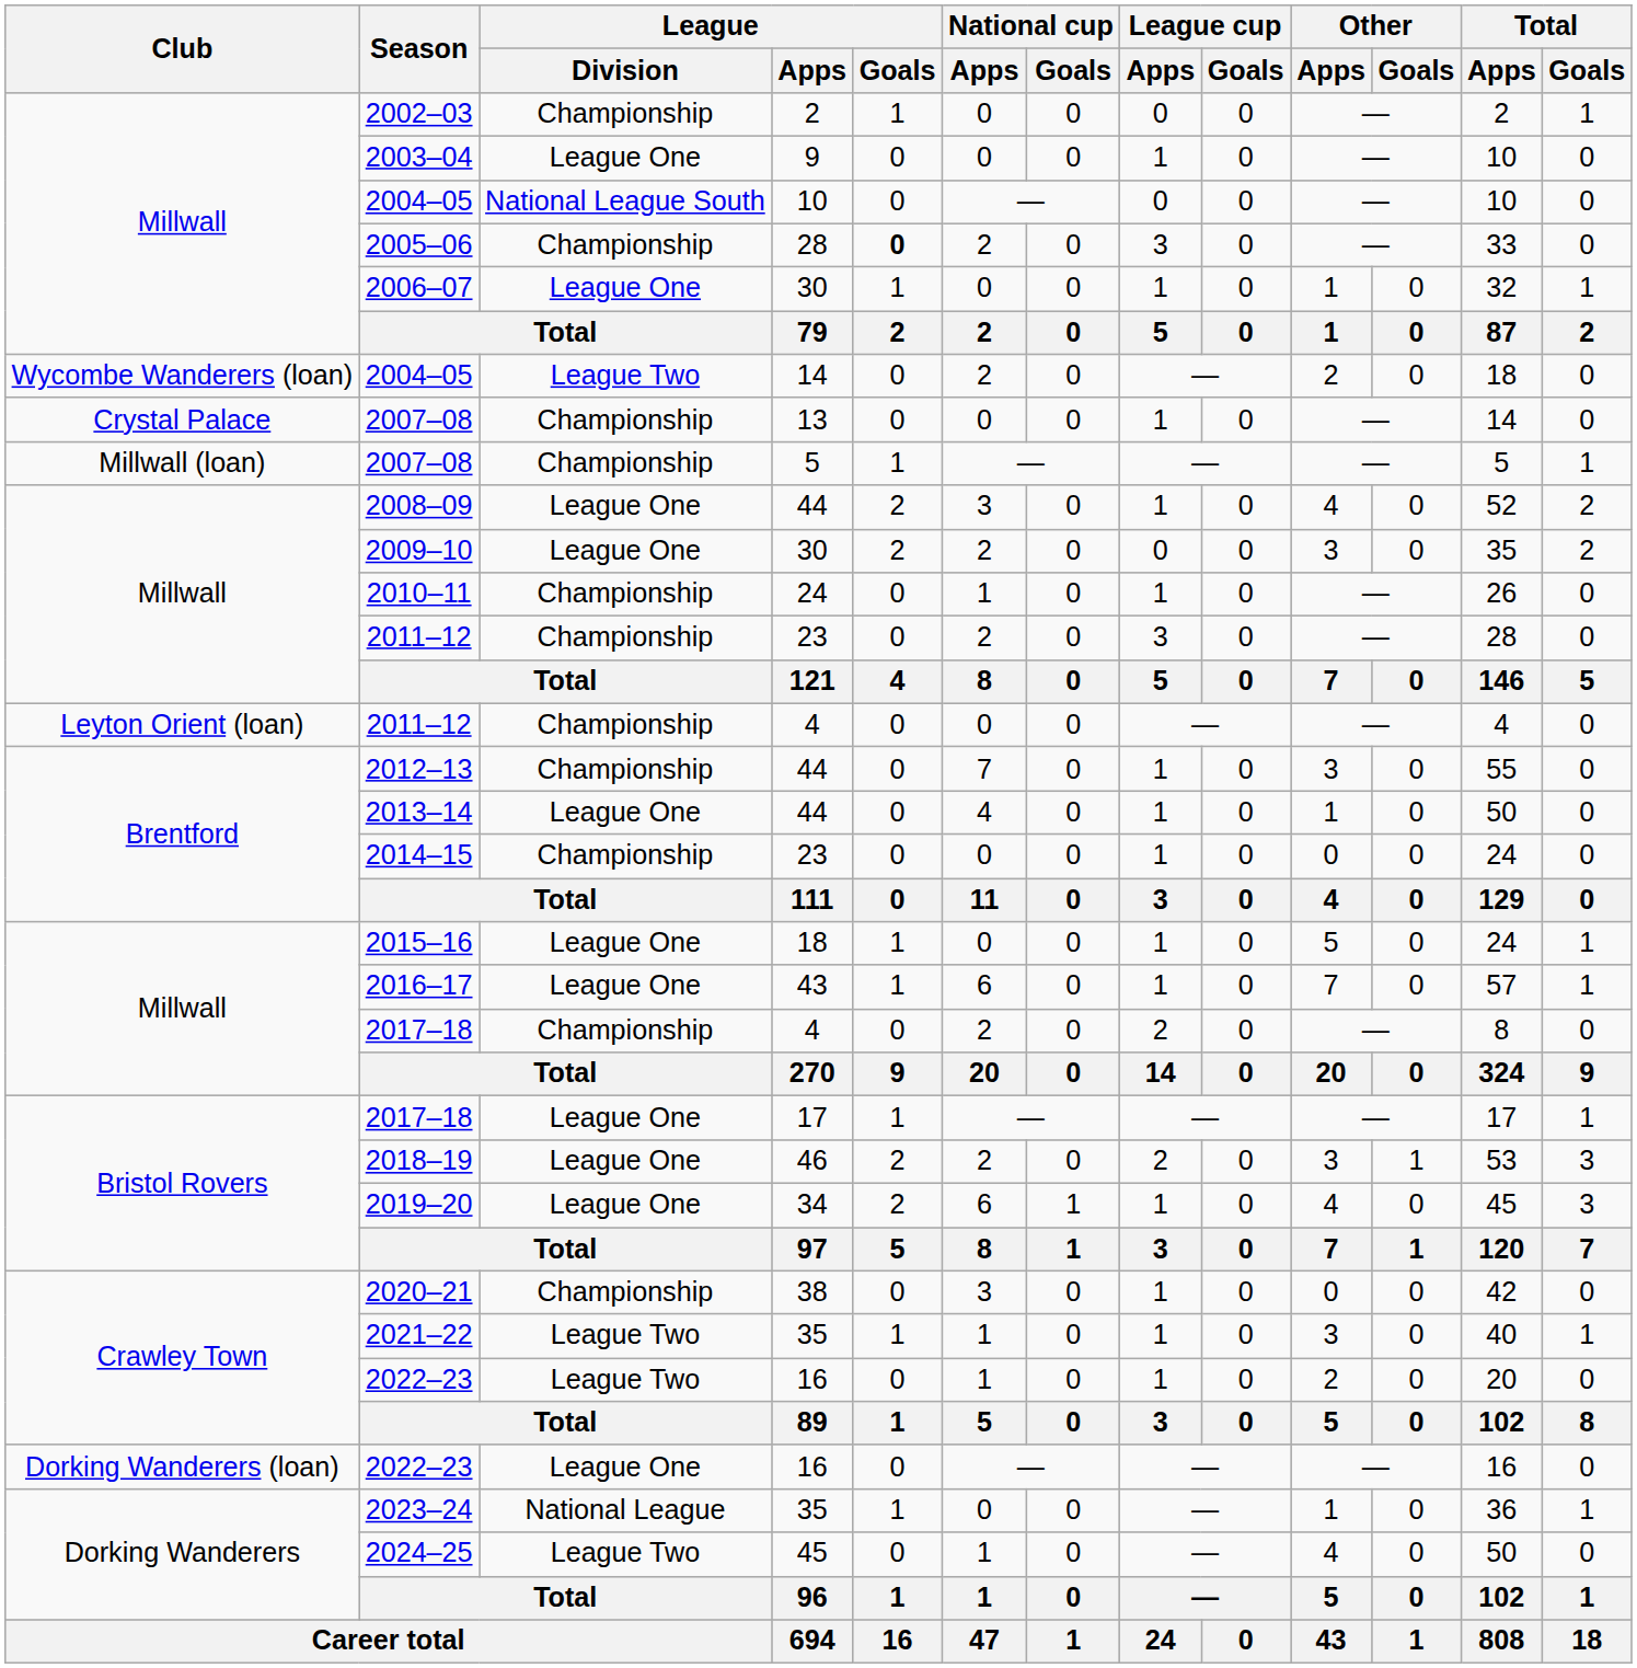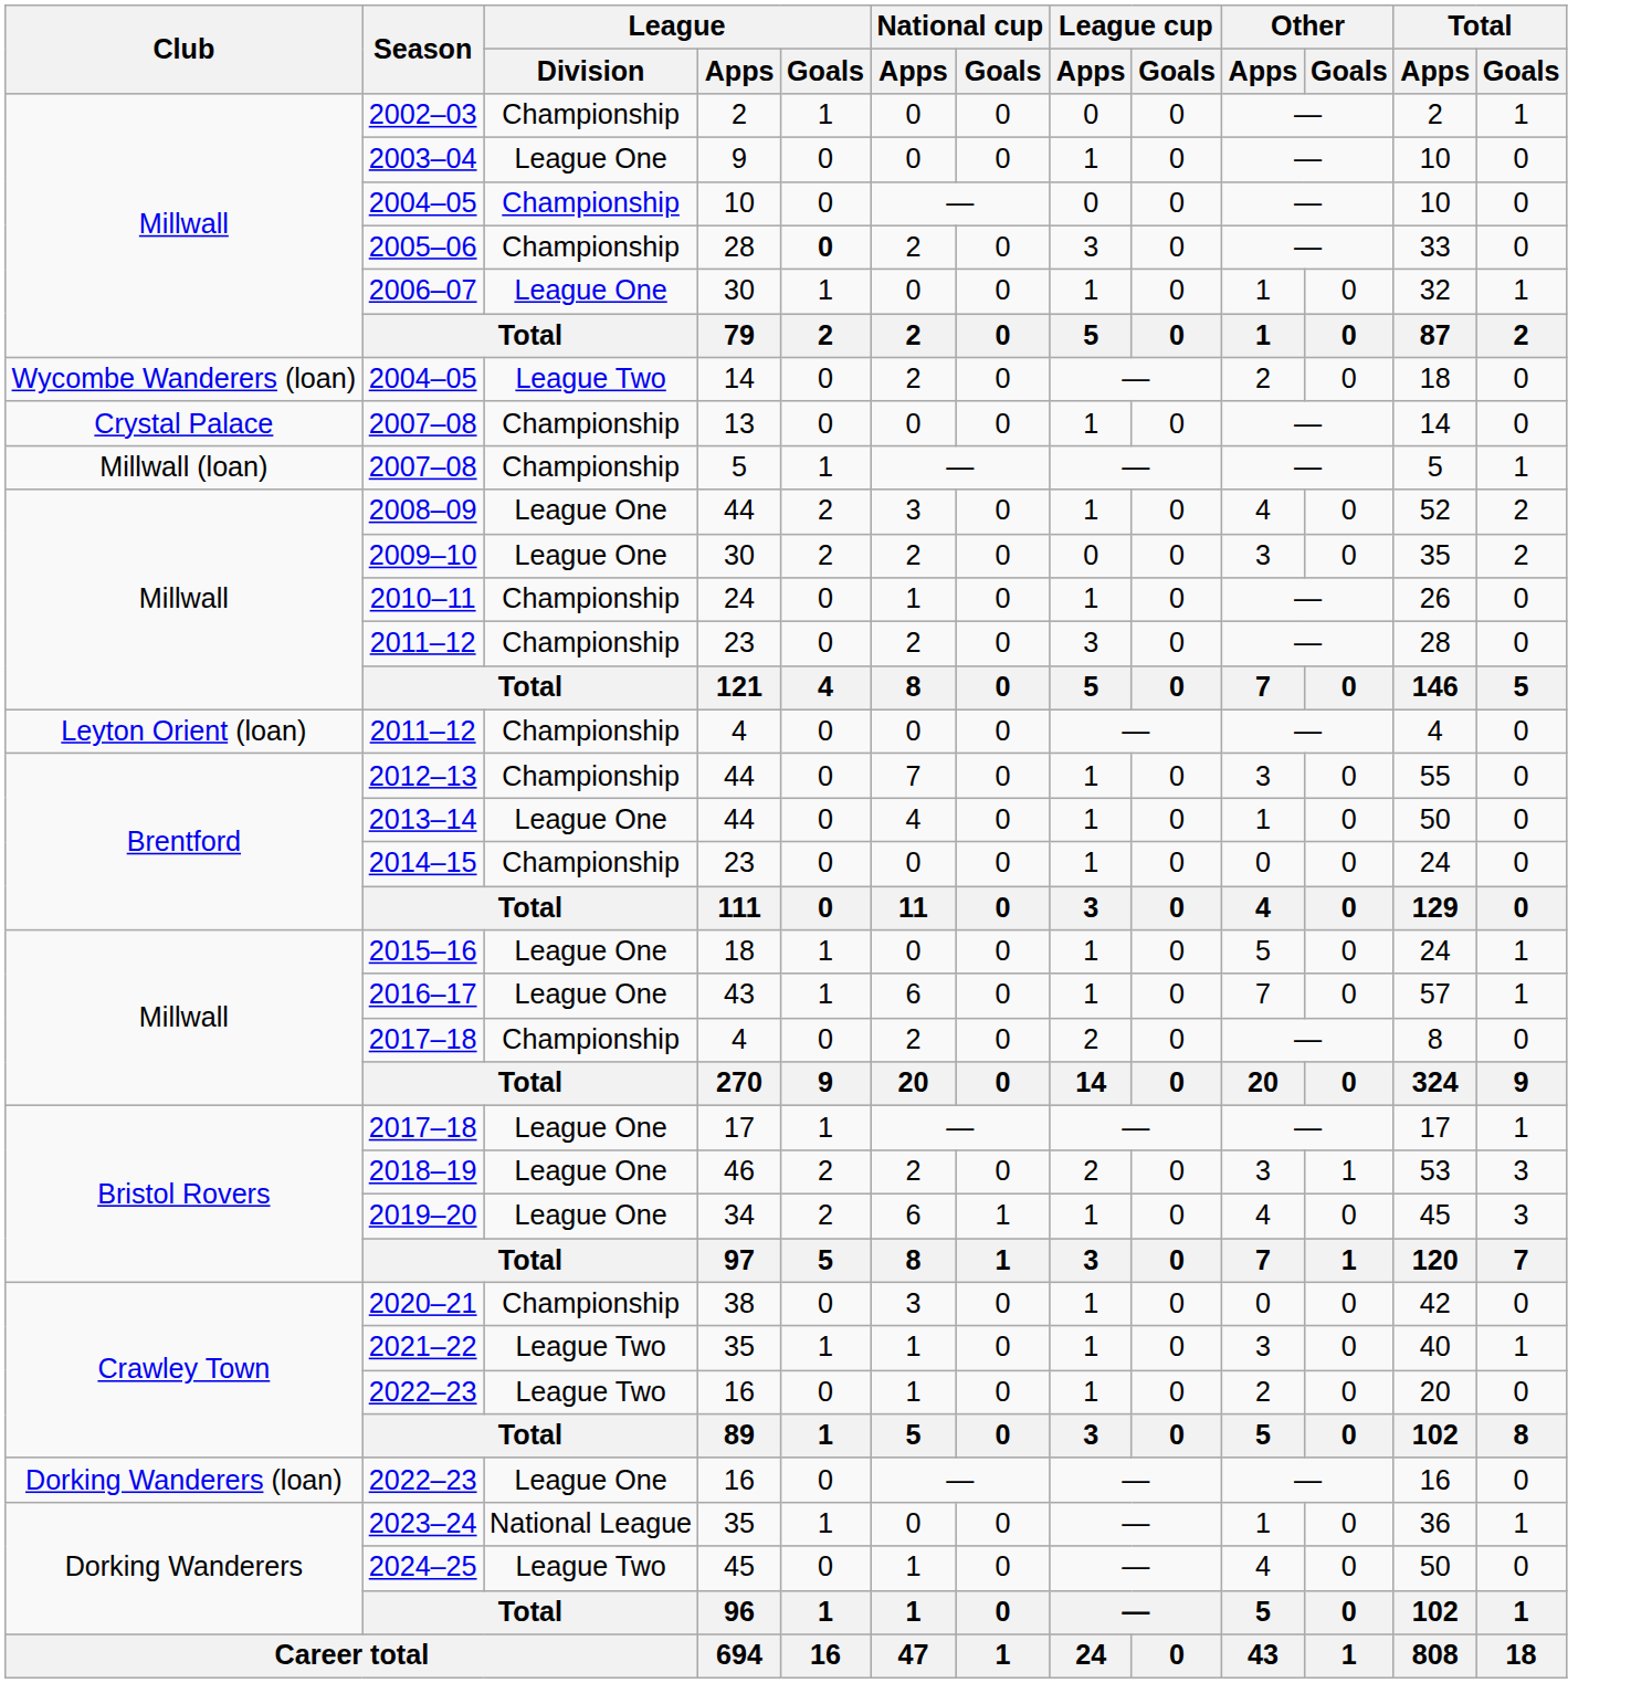 <table class="wikitable" style="text-align: center">
 <tr>
 <th rowspan="2">Club</th>
 <th rowspan="2">Season</th>
 <th colspan="3">League</th>
 <th colspan="2">National cup</th>
 <th colspan="2">League cup</th>
 <th colspan="2">Other</th>
 <th colspan="2">Total</th>
 </tr>
 <tr>
 <th>Division</th>
 <th>Apps</th>
 <th>Goals</th>
 <th>Apps</th>
 <th>Goals</th>
 <th>Apps</th>
 <th>Goals</th>
 <th>Apps</th>
 <th>Goals</th>
 <th>Apps</th>
 <th>Goals</th>
 </tr>
 <tr>
 <td rowspan="6"><a href='#'>Millwall</a></td>
 <td><a href='#'>2002–03</a></td>
 <td>Championship</td>
 <td>2</td>
 <td>1</td>
 <td>0</td>
 <td>0</td>
 <td>0</td>
 <td>0</td>
 <td colspan="2">—</td>
 <td>2</td>
 <td>1</td>
 </tr>
 <tr>
 <td><a href='#'>2003–04</a></td>
 <td>League One</td>
 <td>9</td>
 <td>0</td>
 <td>0</td>
 <td>0</td>
 <td>1</td>
 <td>0</td>
 <td colspan="2">—</td>
 <td>10</td>
 <td>0</td>
 </tr>
 <tr>
 <td><a href='#'>2004–05</a></td>
-<td><a href='#'>National League South</a></td>
+<td><a href='#'>Championship</a></td>
 <td>10</td>
 <td>0</td>
 <td colspan="2">—</td>
 <td>0</td>
 <td>0</td>
 <td colspan="2">—</td>
 <td>10</td>
 <td>0</td>
 </tr>
 <tr>
 <td><a href='#'>2005–06</a></td>
 <td>Championship</td>
 <td>28</td>
 <td><strong>0</strong></td>
 <td>2</td>
 <td>0</td>
 <td>3</td>
 <td>0</td>
 <td colspan="2">—</td>
 <td>33</td>
 <td>0</td>
 </tr>
 <tr>
 <td><a href='#'>2006–07</a></td>
 <td><a href='#'>League One</a></td>
 <td>30</td>
 <td>1</td>
 <td>0</td>
 <td>0</td>
 <td>1</td>
 <td>0</td>
 <td>1</td>
 <td>0</td>
 <td>32</td>
 <td>1</td>
 </tr>
 <tr>
 <th colspan="2">Total</th>
 <th>79</th>
 <th>2</th>
 <th>2</th>
 <th>0</th>
 <th>5</th>
 <th>0</th>
 <th>1</th>
 <th>0</th>
 <th>87</th>
 <th>2</th>
 </tr>
 <tr>
 <td><a href='#'>Wycombe Wanderers</a> (loan)</td>
 <td><a href='#'>2004–05</a></td>
 <td><a href='#'>League Two</a></td>
 <td>14</td>
 <td>0</td>
 <td>2</td>
 <td>0</td>
 <td colspan="2">—</td>
 <td>2</td>
 <td>0</td>
 <td>18</td>
 <td>0</td>
 </tr>
 <tr>
 <td><a href='#'>Crystal Palace</a></td>
 <td><a href='#'>2007–08</a></td>
 <td>Championship</td>
 <td>13</td>
 <td>0</td>
 <td>0</td>
 <td>0</td>
 <td>1</td>
 <td>0</td>
 <td colspan="2">—</td>
 <td>14</td>
 <td>0</td>
 </tr>
 <tr>
 <td>Millwall (loan)</td>
 <td><a href='#'>2007–08</a></td>
 <td>Championship</td>
 <td>5</td>
 <td>1</td>
 <td colspan="2">—</td>
 <td colspan="2">—</td>
 <td colspan="2">—</td>
 <td>5</td>
 <td>1</td>
 </tr>
 <tr>
 <td rowspan="5">Millwall</td>
 <td><a href='#'>2008–09</a></td>
 <td>League One</td>
 <td>44</td>
 <td>2</td>
 <td>3</td>
 <td>0</td>
 <td>1</td>
 <td>0</td>
 <td>4</td>
 <td>0</td>
 <td>52</td>
 <td>2</td>
 </tr>
 <tr>
 <td><a href='#'>2009–10</a></td>
 <td>League One</td>
 <td>30</td>
 <td>2</td>
 <td>2</td>
 <td>0</td>
 <td>0</td>
 <td>0</td>
 <td>3</td>
 <td>0</td>
 <td>35</td>
 <td>2</td>
 </tr>
 <tr>
 <td><a href='#'>2010–11</a></td>
 <td>Championship</td>
 <td>24</td>
 <td>0</td>
 <td>1</td>
 <td>0</td>
 <td>1</td>
 <td>0</td>
 <td colspan="2">—</td>
 <td>26</td>
 <td>0</td>
 </tr>
 <tr>
 <td><a href='#'>2011–12</a></td>
 <td>Championship</td>
 <td>23</td>
 <td>0</td>
 <td>2</td>
 <td>0</td>
 <td>3</td>
 <td>0</td>
 <td colspan="2">—</td>
 <td>28</td>
 <td>0</td>
 </tr>
 <tr>
 <th colspan="2">Total</th>
 <th>121</th>
 <th>4</th>
 <th>8</th>
 <th>0</th>
 <th>5</th>
 <th>0</th>
 <th>7</th>
 <th>0</th>
 <th>146</th>
 <th>5</th>
 </tr>
 <tr>
 <td><a href='#'>Leyton Orient</a> (loan)</td>
 <td><a href='#'>2011–12</a></td>
 <td>Championship</td>
 <td>4</td>
 <td>0</td>
 <td>0</td>
 <td>0</td>
 <td colspan="2">—</td>
 <td colspan="2">—</td>
 <td>4</td>
 <td>0</td>
 </tr>
 <tr>
 <td rowspan="4"><a href='#'>Brentford</a></td>
 <td><a href='#'>2012–13</a></td>
 <td>Championship</td>
 <td>44</td>
 <td>0</td>
 <td>7</td>
 <td>0</td>
 <td>1</td>
 <td>0</td>
 <td>3</td>
 <td>0</td>
 <td>55</td>
 <td>0</td>
 </tr>
 <tr>
 <td><a href='#'>2013–14</a></td>
 <td>League One</td>
 <td>44</td>
 <td>0</td>
 <td>4</td>
 <td>0</td>
 <td>1</td>
 <td>0</td>
 <td>1</td>
 <td>0</td>
 <td>50</td>
 <td>0</td>
 </tr>
 <tr>
 <td><a href='#'>2014–15</a></td>
 <td>Championship</td>
 <td>23</td>
 <td>0</td>
 <td>0</td>
 <td>0</td>
 <td>1</td>
 <td>0</td>
 <td>0</td>
 <td>0</td>
 <td>24</td>
 <td>0</td>
 </tr>
 <tr>
 <th colspan="2">Total</th>
 <th>111</th>
 <th>0</th>
 <th>11</th>
 <th>0</th>
 <th>3</th>
 <th>0</th>
 <th>4</th>
 <th>0</th>
 <th>129</th>
 <th>0</th>
 </tr>
 <tr>
 <td rowspan="4">Millwall</td>
 <td><a href='#'>2015–16</a></td>
 <td>League One</td>
 <td>18</td>
 <td>1</td>
 <td>0</td>
 <td>0</td>
 <td>1</td>
 <td>0</td>
 <td>5</td>
 <td>0</td>
 <td>24</td>
 <td>1</td>
 </tr>
 <tr>
 <td><a href='#'>2016–17</a></td>
 <td>League One</td>
 <td>43</td>
 <td>1</td>
 <td>6</td>
 <td>0</td>
 <td>1</td>
 <td>0</td>
 <td>7</td>
 <td>0</td>
 <td>57</td>
 <td>1</td>
 </tr>
 <tr>
 <td><a href='#'>2017–18</a></td>
 <td>Championship</td>
 <td>4</td>
 <td>0</td>
 <td>2</td>
 <td>0</td>
 <td>2</td>
 <td>0</td>
 <td colspan="2">—</td>
 <td>8</td>
 <td>0</td>
 </tr>
 <tr>
 <th colspan="2">Total</th>
 <th>270</th>
 <th>9</th>
 <th>20</th>
 <th>0</th>
 <th>14</th>
 <th>0</th>
 <th>20</th>
 <th>0</th>
 <th>324</th>
 <th>9</th>
 </tr>
 <tr>
 <td rowspan="4"><a href='#'>Bristol Rovers</a></td>
 <td><a href='#'>2017–18</a></td>
 <td>League One</td>
 <td>17</td>
 <td>1</td>
 <td colspan="2">—</td>
 <td colspan="2">—</td>
 <td colspan="2">—</td>
 <td>17</td>
 <td>1</td>
 </tr>
 <tr>
 <td><a href='#'>2018–19</a></td>
 <td>League One</td>
 <td>46</td>
 <td>2</td>
 <td>2</td>
 <td>0</td>
 <td>2</td>
 <td>0</td>
 <td>3</td>
 <td>1</td>
 <td>53</td>
 <td>3</td>
 </tr>
 <tr>
 <td><a href='#'>2019–20</a></td>
 <td>League One</td>
 <td>34</td>
 <td>2</td>
 <td>6</td>
 <td>1</td>
 <td>1</td>
 <td>0</td>
 <td>4</td>
 <td>0</td>
 <td>45</td>
 <td>3</td>
 </tr>
 <tr>
 <th colspan="2">Total</th>
 <th>97</th>
 <th>5</th>
 <th>8</th>
 <th>1</th>
 <th>3</th>
 <th>0</th>
 <th>7</th>
 <th>1</th>
 <th>120</th>
 <th>7</th>
 </tr>
 <tr>
 <td rowspan="4"><a href='#'>Crawley Town</a></td>
 <td><a href='#'>2020–21</a></td>
 <td>Championship</td>
 <td>38</td>
 <td>0</td>
 <td>3</td>
 <td>0</td>
 <td>1</td>
 <td>0</td>
 <td>0</td>
 <td>0</td>
 <td>42</td>
 <td>0</td>
 </tr>
 <tr>
 <td><a href='#'>2021–22</a></td>
 <td>League Two</td>
 <td>35</td>
 <td>1</td>
 <td>1</td>
 <td>0</td>
 <td>1</td>
 <td>0</td>
 <td>3</td>
 <td>0</td>
 <td>40</td>
 <td>1</td>
 </tr>
 <tr>
 <td><a href='#'>2022–23</a></td>
 <td>League Two</td>
 <td>16</td>
 <td>0</td>
 <td>1</td>
 <td>0</td>
 <td>1</td>
 <td>0</td>
 <td>2</td>
 <td>0</td>
 <td>20</td>
 <td>0</td>
 </tr>
 <tr>
 <th colspan="2">Total</th>
 <th>89</th>
 <th>1</th>
 <th>5</th>
 <th>0</th>
 <th>3</th>
 <th>0</th>
 <th>5</th>
 <th>0</th>
 <th>102</th>
 <th>8</th>
 </tr>
 <tr>
 <td><a href='#'>Dorking Wanderers</a> (loan)</td>
 <td><a href='#'>2022–23</a></td>
 <td>League One</td>
 <td>16</td>
 <td>0</td>
 <td colspan="2">—</td>
 <td colspan="2">—</td>
 <td colspan="2">—</td>
 <td>16</td>
 <td>0</td>
 </tr>
 <tr>
 <td rowspan="3">Dorking Wanderers</td>
 <td><a href='#'>2023–24</a></td>
 <td>National League</td>
 <td>35</td>
 <td>1</td>
 <td>0</td>
 <td>0</td>
 <td colspan="2">—</td>
 <td>1</td>
 <td>0</td>
 <td>36</td>
 <td>1</td>
 </tr>
 <tr>
 <td><a href='#'>2024–25</a></td>
 <td>League Two</td>
 <td>45</td>
 <td>0</td>
 <td>1</td>
 <td>0</td>
 <td colspan="2">—</td>
 <td>4</td>
 <td>0</td>
 <td>50</td>
 <td>0</td>
 </tr>
 <tr>
 <th colspan="2">Total</th>
 <th>96</th>
 <th>1</th>
 <th>1</th>
 <th>0</th>
 <th colspan="2">—</th>
 <th>5</th>
 <th>0</th>
 <th>102</th>
 <th>1</th>
 </tr>
 <tr>
 <th colspan="3">Career total</th>
 <th>694</th>
 <th>16</th>
 <th>47</th>
 <th>1</th>
 <th>24</th>
 <th>0</th>
 <th>43</th>
 <th>1</th>
 <th>808</th>
 <th>18</th>
 </tr>
 </table>
